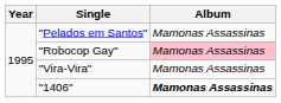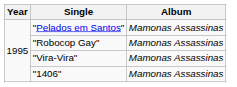 <table class="wikitable">
 <tr>
 <th>Year</th>
 <th>Single</th>
 <th>Album</th>
 </tr>
 <tr>
 <td rowspan="4">1995</td>
 <td>"<a href='#'>Pelados em Santos</a>"</td>
 <td><em>Mamonas Assassinas</em></td>
 </tr>
 <tr>
 <td>"Robocop Gay"</td>
-<td style="background: pink;"><em>Mamonas Assassinas</em></td>
+<td><em>Mamonas Assassinas</em></td>
 </tr>
 <tr>
 <td>"Vira-Vira"</td>
 <td><em>Mamonas Assassinas</em></td>
 </tr>
 <tr>
 <td>"1406"</td>
-<td><strong><em>Mamonas Assassinas</em></strong></td>
+<td><em>Mamonas Assassinas</em></td>
 </tr>
 </table>
